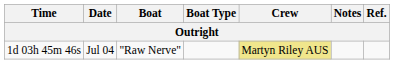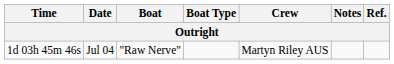 <table class="wikitable sortable">
 <tr>
 <th>Time</th>
 <th>Date</th>
 <th>Boat</th>
 <th>Boat Type</th>
 <th>Crew</th>
 <th>Notes</th>
 <th>Ref.</th>
 </tr>
 <tr>
 <th colspan=7>Outright</th>
 </tr>
 <tr>
 <td>1d 03h 45m 46s</td>
 <td>Jul 04</td>
 <td>"Raw Nerve"</td>
 <td></td>
-<td style="background: khaki;">Martyn Riley AUS</td>
+<td>Martyn Riley AUS</td>
 <td></td>
 <td></td>
 </tr>
 </table>
